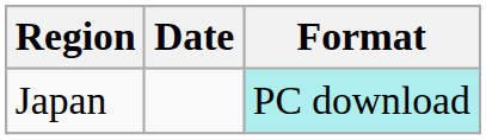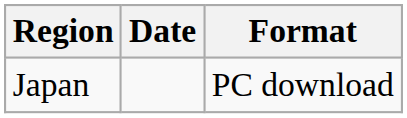 <table class="wikitable">
 <tr>
 <th>Region</th>
 <th>Date</th>
 <th>Format</th>
 </tr>
 <tr>
 <td rowspan="2">Japan</td>
 <td></td>
-<td style="background: paleturquoise;">PC download</td>
+<td>PC download</td>
 </tr>
 </table>
